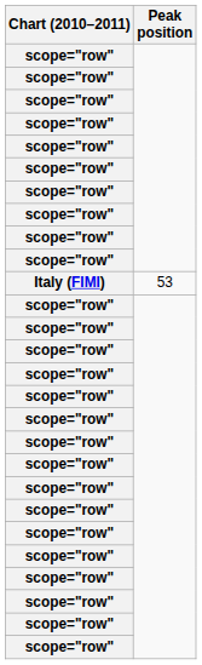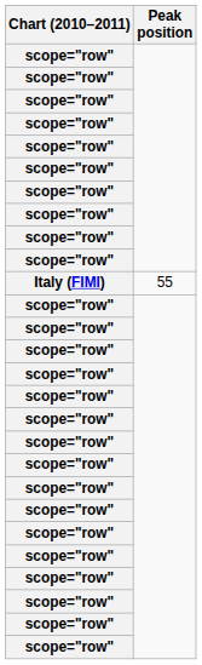 <table class="wikitable sortable plainrowheaders">
 <tr>
 <th scope="col">Chart (2010–2011)</th>
 <th scope="col">Peak<br>position</th>
 </tr>
 <tr>
 <th>scope="row"</th>
 </tr>
 <tr>
 <th>scope="row"</th>
 </tr>
 <tr>
 <th>scope="row"</th>
 </tr>
 <tr>
 <th>scope="row"</th>
 </tr>
 <tr>
 <th>scope="row"</th>
 </tr>
 <tr>
 <th>scope="row"</th>
 </tr>
 <tr>
 <th>scope="row"</th>
 </tr>
 <tr>
 <th>scope="row"</th>
 </tr>
 <tr>
 <th>scope="row"</th>
 </tr>
 <tr>
 <th>scope="row"</th>
 </tr>
 <tr>
 <th scope="row">Italy (<a href='#'>FIMI</a>)</th>
-<td style="text-align:center;">53</td>
+<td style="text-align:center;">55</td>
 </tr>
 <tr>
 <th>scope="row"</th>
 </tr>
 <tr>
 <th>scope="row"</th>
 </tr>
 <tr>
 <th>scope="row"</th>
 </tr>
 <tr>
 <th>scope="row"</th>
 </tr>
 <tr>
 <th>scope="row"</th>
 </tr>
 <tr>
 <th>scope="row"</th>
 </tr>
 <tr>
 <th>scope="row"</th>
 </tr>
 <tr>
 <th>scope="row"</th>
 </tr>
 <tr>
 <th>scope="row"</th>
 </tr>
 <tr>
 <th>scope="row"</th>
 </tr>
 <tr>
 <th>scope="row"</th>
 </tr>
 <tr>
 <th>scope="row"</th>
 </tr>
 <tr>
 <th>scope="row"</th>
 </tr>
 <tr>
 <th>scope="row"</th>
 </tr>
 <tr>
 <th>scope="row"</th>
 </tr>
 <tr>
 <th>scope="row"</th>
 </tr>
 </table>
